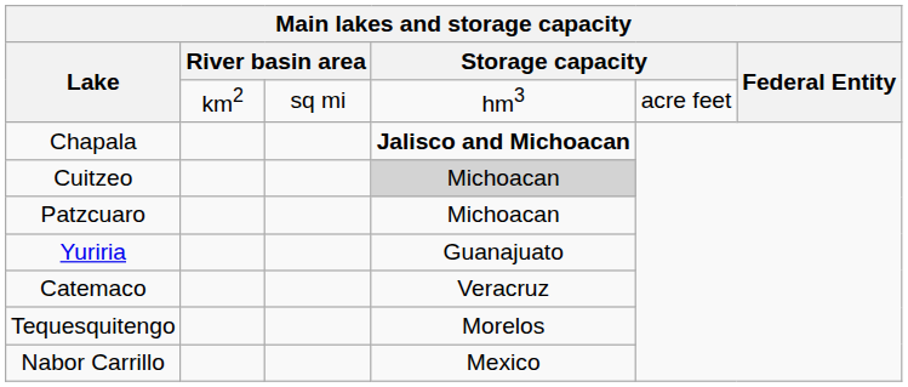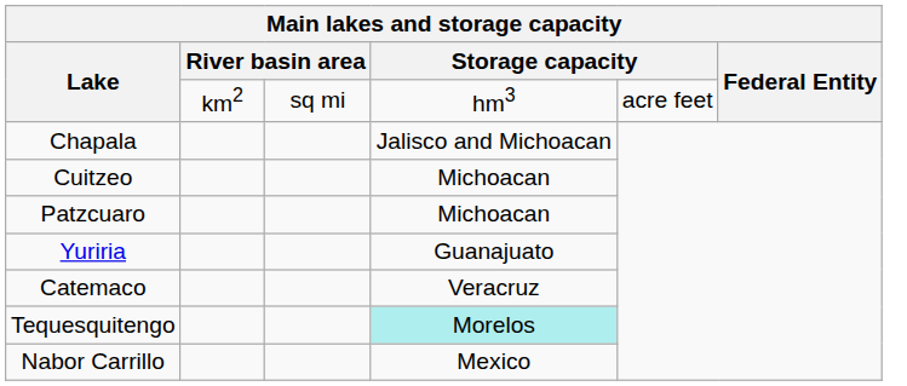 <table class="wikitable" style="text-align: center;">
 <tr>
 <th colspan ="6">Main lakes and storage capacity</th>
 </tr>
 <tr>
 <th rowspan="2">Lake</th>
 <th colspan="2">River basin area</th>
 <th colspan="2">Storage capacity</th>
 <th rowspan="2">Federal Entity</th>
 </tr>
 <tr>
 <td>km<sup>2</sup></td>
 <td>sq mi</td>
 <td>hm<sup>3</sup></td>
 <td>acre feet</td>
 </tr>
 <tr>
 <td>Chapala</td>
 <td></td>
 <td></td>
-<td><strong>Jalisco and Michoacan</strong></td>
+<td>Jalisco and Michoacan</td>
 </tr>
 <tr>
 <td>Cuitzeo</td>
 <td></td>
 <td></td>
-<td style="background: lightgrey;">Michoacan</td>
+<td>Michoacan</td>
 </tr>
 <tr>
 <td>Patzcuaro</td>
 <td></td>
 <td></td>
 <td>Michoacan</td>
 </tr>
 <tr>
 <td><a href='#'>Yuriria</a></td>
 <td></td>
 <td></td>
 <td>Guanajuato</td>
 </tr>
 <tr>
 <td>Catemaco</td>
 <td></td>
 <td></td>
 <td>Veracruz</td>
 </tr>
 <tr>
 <td>Tequesquitengo</td>
 <td></td>
 <td></td>
-<td>Morelos</td>
+<td style="background: paleturquoise;">Morelos</td>
 </tr>
 <tr>
 <td>Nabor Carrillo</td>
 <td></td>
 <td></td>
 <td>Mexico</td>
 </tr>
 </table>
